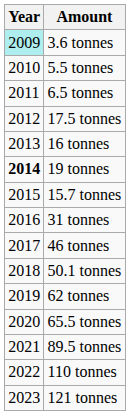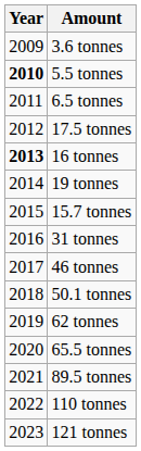 <table class="wikitable" style="float:left; margin-right: 20px;">
 <tr>
 <th>Year</th>
 <th>Amount</th>
 </tr>
 <tr>
-<td style="background: paleturquoise;">2009</td>
+<td>2009</td>
 <td>3.6 tonnes</td>
 </tr>
 <tr>
-<td>2010</td>
+<td><strong>2010</strong></td>
 <td>5.5 tonnes</td>
 </tr>
 <tr>
 <td>2011</td>
 <td>6.5 tonnes</td>
 </tr>
 <tr>
 <td>2012</td>
 <td>17.5 tonnes</td>
 </tr>
 <tr>
-<td>2013</td>
+<td><strong>2013</strong></td>
 <td>16 tonnes</td>
 </tr>
 <tr>
-<td><strong>2014</strong></td>
+<td>2014</td>
 <td>19 tonnes</td>
 </tr>
 <tr>
 <td>2015</td>
 <td>15.7 tonnes</td>
 </tr>
 <tr>
 <td>2016</td>
 <td>31 tonnes</td>
 </tr>
 <tr>
 <td>2017</td>
 <td>46 tonnes</td>
 </tr>
 <tr>
 <td>2018</td>
 <td>50.1 tonnes</td>
 </tr>
 <tr>
 <td>2019</td>
 <td>62 tonnes</td>
 </tr>
 <tr>
 <td>2020</td>
 <td>65.5 tonnes</td>
 </tr>
 <tr>
 <td>2021</td>
 <td>89.5 tonnes</td>
 </tr>
 <tr>
 <td>2022</td>
 <td>110 tonnes </td>
 </tr>
 <tr>
 <td>2023</td>
 <td>121 tonnes </td>
 </tr>
 </table>
